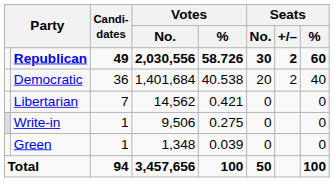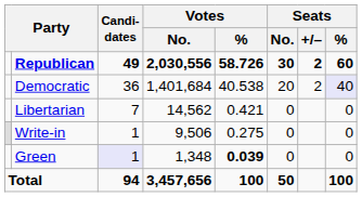 <table class="wikitable" style="font-size:100%; text-align:right;">
 <tr>
 <th colspan=2 rowspan=2>Party</th>
 <th rowspan=2><small>Candi-<br>dates</small></th>
 <th colspan=2>Votes</th>
 <th colspan=3>Seats</th>
 </tr>
 <tr>
 <th>No.</th>
 <th>%</th>
 <th>No.</th>
 <th>+/–</th>
 <th>%</th>
 </tr>
 <tr>
 <td style="background:"></td>
 <td align=left><strong><a href='#'>Republican</a></strong></td>
 <td><strong>49</strong></td>
 <td><strong>2,030,556</strong></td>
 <td><strong>58.726</strong></td>
 <td><strong>30</strong></td>
 <td><strong>2</strong></td>
 <td><strong>60</strong></td>
 </tr>
 <tr>
 <td style="background:"></td>
 <td align=left><a href='#'>Democratic</a></td>
 <td>36</td>
 <td>1,401,684</td>
 <td>40.538</td>
 <td>20</td>
 <td>2</td>
-<td>40</td>
+<td style="background: lavender;">40</td>
 </tr>
 <tr>
 <td style="background:"></td>
 <td align=left><a href='#'>Libertarian</a></td>
 <td>7</td>
 <td>14,562</td>
 <td>0.421</td>
 <td>0</td>
 <td></td>
 <td>0</td>
 </tr>
 <tr>
 <td style="background:#ddd;"></td>
 <td align=left><a href='#'>Write-in</a></td>
 <td>1</td>
 <td>9,506</td>
 <td>0.275</td>
 <td>0</td>
 <td></td>
 <td>0</td>
 </tr>
 <tr>
 <td style="background:"></td>
 <td align=left><a href='#'>Green</a></td>
-<td>1</td>
+<td style="background: lavender;">1</td>
 <td>1,348</td>
-<td>0.039</td>
+<td><strong>0.039</strong></td>
 <td>0</td>
 <td></td>
 <td>0</td>
 </tr>
 <tr style="font-weight:bold">
 <td colspan=2 align=left>Total</td>
 <td>94</td>
 <td>3,457,656</td>
 <td>100</td>
 <td>50</td>
 <td></td>
 <td>100</td>
 </tr>
 </table>
